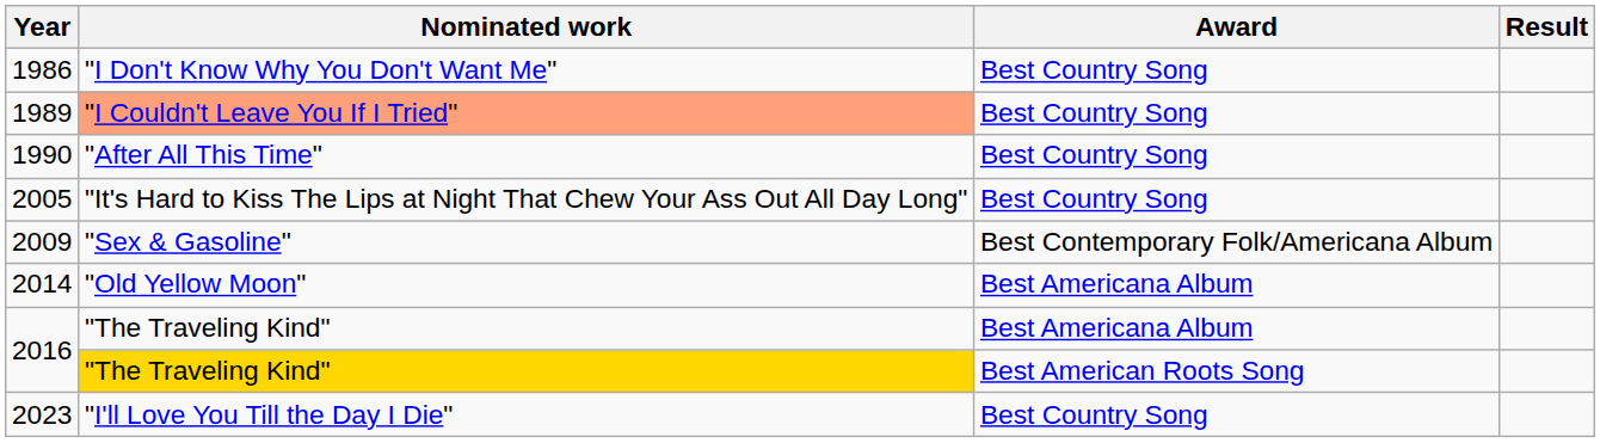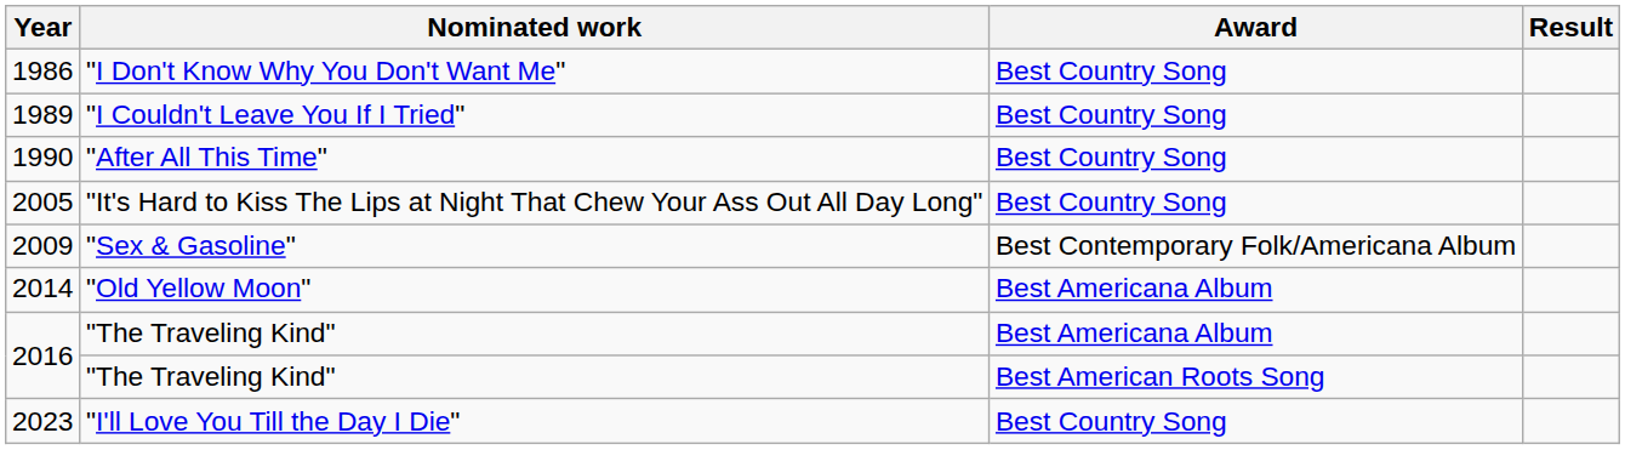 <table class="wikitable sortable">
 <tr>
 <th>Year</th>
 <th>Nominated work</th>
 <th>Award</th>
 <th>Result</th>
 </tr>
 <tr>
 <td>1986</td>
 <td>"<a href='#'>I Don't Know Why You Don't Want Me</a>" </td>
 <td><a href='#'>Best Country Song</a></td>
 <td></td>
 </tr>
 <tr>
 <td>1989</td>
-<td style="background: lightsalmon;">"<a href='#'>I Couldn't Leave You If I Tried</a>"</td>
+<td>"<a href='#'>I Couldn't Leave You If I Tried</a>"</td>
 <td><a href='#'>Best Country Song</a></td>
 <td></td>
 </tr>
 <tr>
 <td>1990</td>
 <td>"<a href='#'>After All This Time</a>"</td>
 <td><a href='#'>Best Country Song</a></td>
 <td></td>
 </tr>
 <tr>
 <td>2005</td>
 <td>"It's Hard to Kiss The Lips at Night That Chew Your Ass Out All Day Long" </td>
 <td><a href='#'>Best Country Song</a></td>
 <td></td>
 </tr>
 <tr>
 <td>2009</td>
 <td>"<a href='#'>Sex & Gasoline</a>"</td>
 <td>Best Contemporary Folk/Americana Album</td>
 <td></td>
 </tr>
 <tr>
 <td>2014</td>
 <td>"<a href='#'>Old Yellow Moon</a>" </td>
 <td><a href='#'>Best Americana Album</a></td>
 <td></td>
 </tr>
 <tr>
 <td rowspan="2">2016</td>
 <td>"The Traveling Kind" </td>
 <td><a href='#'>Best Americana Album</a></td>
 <td></td>
 </tr>
 <tr>
-<td style="background: gold;">"The Traveling Kind" </td>
+<td>"The Traveling Kind" </td>
 <td><a href='#'>Best American Roots Song</a></td>
 <td></td>
 </tr>
 <tr>
 <td>2023</td>
 <td>"<a href='#'>I'll Love You Till the Day I Die</a>" </td>
 <td><a href='#'>Best Country Song</a></td>
 <td></td>
 </tr>
 </table>
